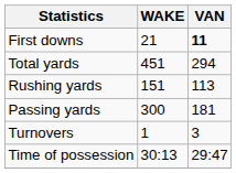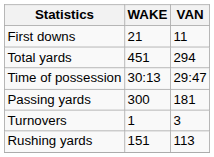 <table class="wikitable" style="float: left;">
 <tr>
 <th>Statistics</th>
 <th>WAKE</th>
 <th>VAN</th>
 </tr>
 <tr>
 <td>First downs</td>
 <td>21</td>
-<td><strong>11</strong></td>
+<td>11</td>
 </tr>
 <tr>
 <td>Total yards</td>
 <td>451</td>
 <td>294</td>
 </tr>
 <tr>
-<td>Rushing yards</td>
-<td>151</td>
-<td>113</td>
+<td>Time of possession</td>
+<td>30:13</td>
+<td>29:47</td>
 </tr>
 <tr>
 <td>Passing yards</td>
 <td>300</td>
 <td>181</td>
 </tr>
 <tr>
 <td>Turnovers</td>
 <td>1</td>
 <td>3</td>
 </tr>
 <tr>
-<td>Time of possession</td>
-<td>30:13</td>
-<td>29:47</td>
+<td>Rushing yards</td>
+<td>151</td>
+<td>113</td>
 </tr>
 <tr>
 </tr>
 </table>
